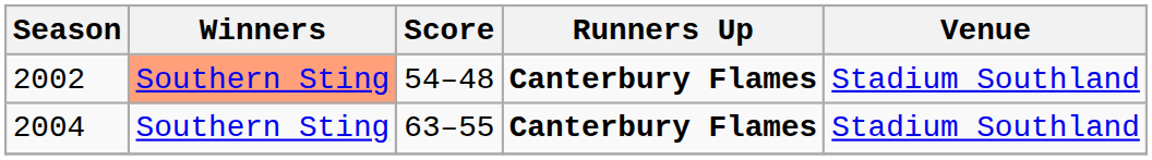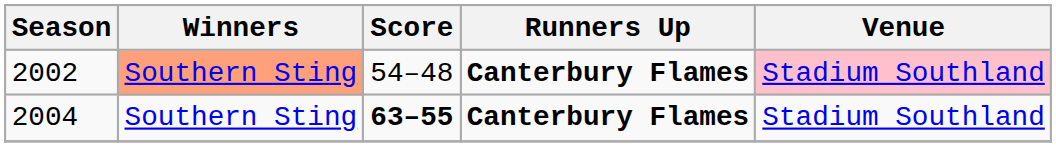 <table class="wikitable collapsible">
 <tr>
 <th>Season</th>
 <th>Winners</th>
 <th>Score</th>
 <th>Runners Up</th>
 <th>Venue</th>
 </tr>
 <tr>
 <td>2002</td>
 <td style="background: lightsalmon;"><a href='#'>Southern Sting</a></td>
 <td>54–48</td>
 <td><strong>Canterbury Flames</strong></td>
-<td><a href='#'>Stadium Southland</a></td>
+<td style="background: pink;"><a href='#'>Stadium Southland</a></td>
 </tr>
 <tr>
 <td>2004</td>
 <td><a href='#'>Southern Sting</a></td>
-<td>63–55</td>
+<td><strong>63–55</strong></td>
 <td><strong>Canterbury Flames</strong></td>
 <td><a href='#'>Stadium Southland</a></td>
 </tr>
 <tr>
 </tr>
 </table>
